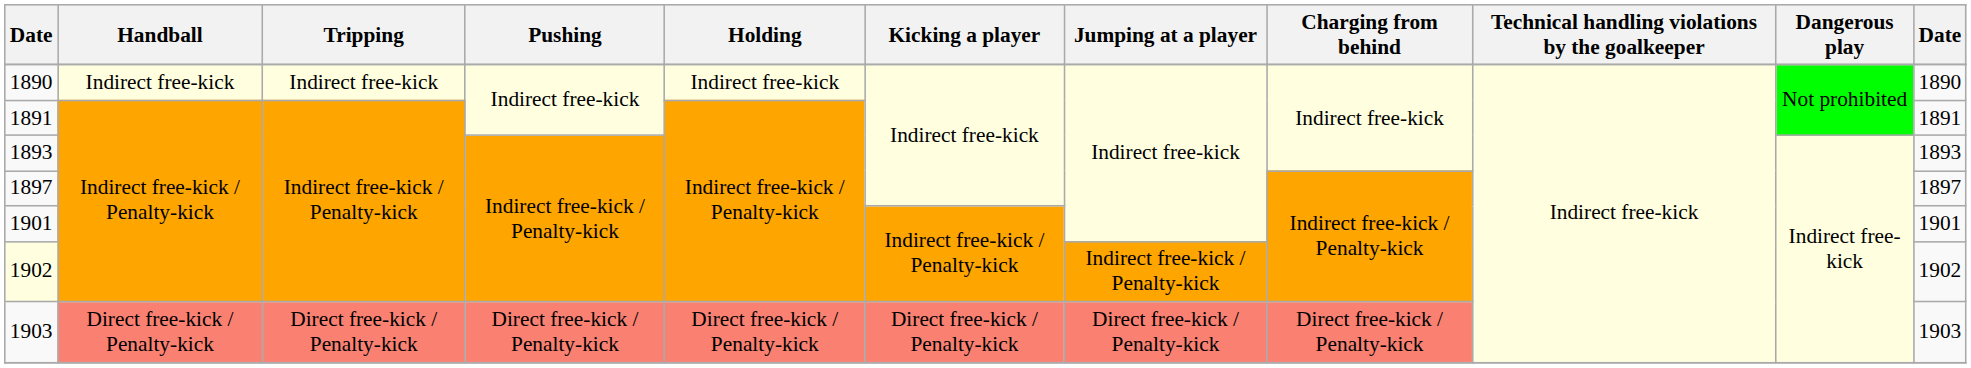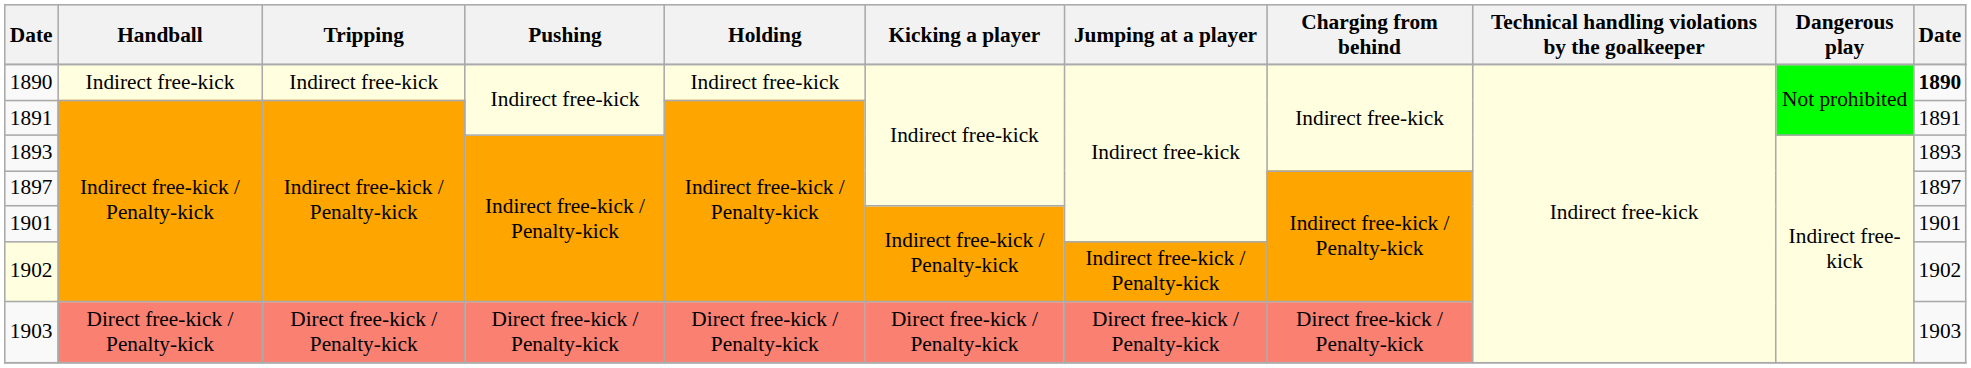 <table class="wikitable sortable" style="text-align: center; font-size: 85%; width: auto; table-layout: fixed;">
 <tr>
 <th>Date</th>
 <th>Handball</th>
 <th>Tripping</th>
 <th>Pushing</th>
 <th>Holding</th>
 <th>Kicking a player</th>
 <th>Jumping at a player</th>
 <th>Charging from behind</th>
 <th>Technical handling violations by the goalkeeper</th>
 <th>Dangerous play</th>
 <th>Date</th>
 </tr>
 <tr>
 </tr>
 <tr>
 <td>1890</td>
 <td rowspan=1 style="background: lightyellow; color: black;">Indirect free-kick</td>
 <td rowspan=1 style="background: lightyellow; color: black;">Indirect free-kick</td>
 <td rowspan=2 style="background: lightyellow; color: black;">Indirect free-kick</td>
 <td rowspan=1 style="background: lightyellow; color: black;">Indirect free-kick</td>
 <td rowspan=4 style="background: lightyellow; color: black;">Indirect free-kick</td>
 <td rowspan=5 style="background: lightyellow; color: black;">Indirect free-kick</td>
 <td rowspan=3 style="background: lightyellow; color: black;">Indirect free-kick</td>
 <td rowspan=7 style="background: lightyellow; color: black;">Indirect free-kick</td>
 <td rowspan=2 style="background: lime; color: black;">Not prohibited</td>
-<td>1890</td>
+<td><strong>1890</strong></td>
 </tr>
 <tr>
 <td>1891</td>
 <td rowspan=5 style="background: orange; color: black;">Indirect free-kick  / Penalty-kick</td>
 <td rowspan=5 style="background: orange; color: black;">Indirect free-kick  / Penalty-kick</td>
 <td rowspan=5 style="background: orange; color: black;">Indirect free-kick  / Penalty-kick</td>
 <td>1891</td>
 </tr>
 <tr>
 <td>1893</td>
 <td rowspan=4 style="background: orange; color: black;">Indirect free-kick  / Penalty-kick</td>
 <td rowspan=5 style="background: lightyellow; color: black;">Indirect free-kick</td>
 <td>1893</td>
 </tr>
 <tr>
 <td>1897</td>
 <td rowspan=3 style="background: orange; color: black;">Indirect free-kick  / Penalty-kick</td>
 <td>1897</td>
 </tr>
 <tr>
 <td>1901</td>
 <td rowspan=2 style="background: orange; color: black;">Indirect free-kick  / Penalty-kick</td>
 <td>1901</td>
 </tr>
 <tr>
 <td style="background: lightyellow;">1902</td>
 <td rowspan=1 style="background: orange; color: black;">Indirect free-kick  / Penalty-kick</td>
 <td>1902</td>
 </tr>
 <tr>
 <td>1903</td>
 <td rowspan=1 style="background: salmon; color: black;">Direct free-kick  / Penalty-kick</td>
 <td rowspan=1 style="background: salmon; color: black;">Direct free-kick  / Penalty-kick</td>
 <td rowspan=1 style="background: salmon; color: black;">Direct free-kick  / Penalty-kick</td>
 <td rowspan=1 style="background: salmon; color: black;">Direct free-kick  / Penalty-kick</td>
 <td rowspan=1 style="background: salmon; color: black;">Direct free-kick  / Penalty-kick</td>
 <td rowspan=1 style="background: salmon; color: black;">Direct free-kick  / Penalty-kick</td>
 <td rowspan=1 style="background: salmon; color: black;">Direct free-kick  / Penalty-kick</td>
 <td>1903</td>
 </tr>
 <tr>
 </tr>
 </table>
